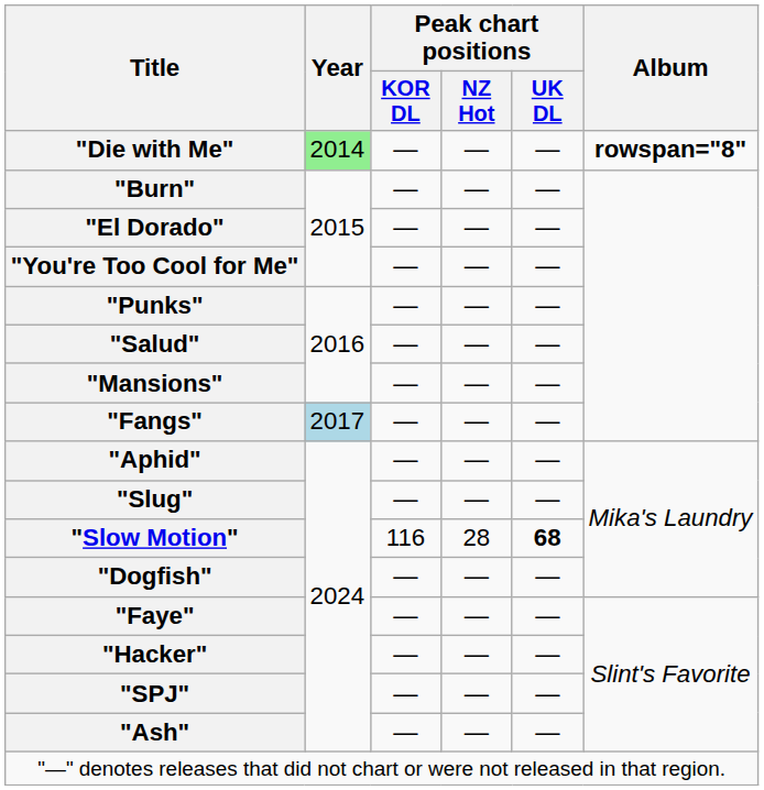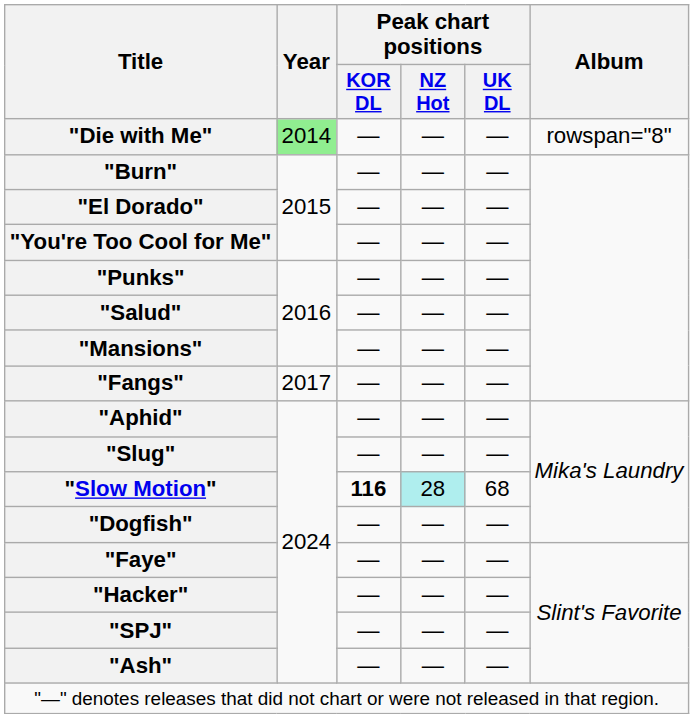 <table class="wikitable plainrowheaders" style="text-align:center">
 <tr>
 <th scope="col" rowspan="2">Title</th>
 <th scope="col" rowspan="2">Year</th>
 <th scope="col" colspan="3">Peak chart positions</th>
 <th scope="col" rowspan="2">Album</th>
 </tr>
 <tr>
 <th scope="col" style="width:2.75em;font-size:90%;"><a href='#'>KOR<br>DL</a><br></th>
 <th scope="col" style="width:2.75em;font-size:90%;"><a href='#'>NZ<br>Hot</a><br></th>
 <th scope="col" style="width:2.75em;font-size:90%;"><a href='#'>UK<br>DL</a><br></th>
 </tr>
 <tr>
 <th scope="row">"Die with Me"</th>
 <td style="background: lightgreen;">2014</td>
 <td>—</td>
 <td>—</td>
 <td>—</td>
-<td><strong>rowspan="8" </strong></td>
+<td>rowspan="8" </td>
 </tr>
 <tr>
 <th scope="row">"Burn"<br></th>
 <td rowspan="3">2015</td>
 <td>—</td>
 <td>—</td>
 <td>—</td>
 </tr>
 <tr>
 <th scope="row">"El Dorado"</th>
 <td>—</td>
 <td>—</td>
 <td>—</td>
 </tr>
 <tr>
 <th scope="row">"You're Too Cool for Me"</th>
 <td>—</td>
 <td>—</td>
 <td>—</td>
 </tr>
 <tr>
 <th scope="row">"Punks"</th>
 <td rowspan="3">2016</td>
 <td>—</td>
 <td>—</td>
 <td>—</td>
 </tr>
 <tr>
 <th scope="row">"Salud"<br></th>
 <td>—</td>
 <td>—</td>
 <td>—</td>
 </tr>
 <tr>
 <th scope="row">"Mansions"</th>
 <td>—</td>
 <td>—</td>
 <td>—</td>
 </tr>
 <tr>
 <th scope="row">"Fangs"</th>
-<td style="background: lightblue;">2017</td>
+<td>2017</td>
 <td>—</td>
 <td>—</td>
 <td>—</td>
 </tr>
 <tr>
 <th scope="row">"Aphid"<br></th>
 <td rowspan="8">2024</td>
 <td>—</td>
 <td>—</td>
 <td>—</td>
 <td rowspan="4"><em>Mika's Laundry</em></td>
 </tr>
 <tr>
 <th scope="row">"Slug"</th>
 <td>—</td>
 <td>—</td>
 <td>—</td>
 </tr>
 <tr>
 <th scope="row">"<a href='#'>Slow Motion</a>"<br></th>
-<td>116</td>
-<td>28</td>
-<td><strong>68</strong></td>
+<td><strong>116</strong></td>
+<td style="background: paleturquoise;">28</td>
+<td>68</td>
 </tr>
 <tr>
 <th scope="row">"Dogfish"</th>
 <td>—</td>
 <td>—</td>
 <td>—</td>
 </tr>
 <tr>
 <th scope="row">"Faye"</th>
 <td>—</td>
 <td>—</td>
 <td>—</td>
 <td rowspan="4"><em>Slint's Favorite</em></td>
 </tr>
 <tr>
 <th scope="row">"Hacker"</th>
 <td>—</td>
 <td>—</td>
 <td>—</td>
 </tr>
 <tr>
 <th scope="row">"SPJ"</th>
 <td>—</td>
 <td>—</td>
 <td>—</td>
 </tr>
 <tr>
 <th scope="row">"Ash"<br></th>
 <td>—</td>
 <td>—</td>
 <td>—</td>
 </tr>
 <tr>
 <td colspan="11" style="font-size:85%">"—" denotes releases that did not chart or were not released in that region.</td>
 </tr>
 </table>
